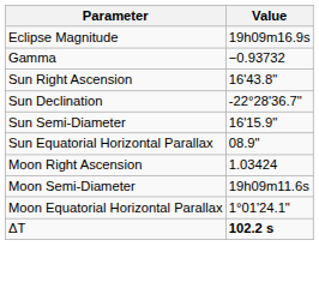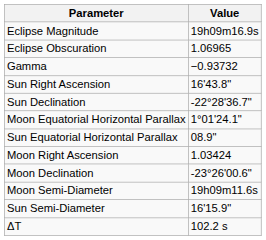 <table class="wikitable">
 <tr>
 <th>Parameter</th>
 <th>Value</th>
 </tr>
 <tr>
 <td>Eclipse Magnitude</td>
 <td>19h09m16.9s</td>
+</tr>
+<tr>
+<td>Eclipse Obscuration</td>
+<td>1.06965</td>
 </tr>
 <tr>
 <td>Gamma</td>
 <td>−0.93732</td>
 </tr>
 <tr>
 <td>Sun Right Ascension</td>
 <td>16'43.8"</td>
 </tr>
 <tr>
 <td>Sun Declination</td>
 <td>-22°28'36.7"</td>
 </tr>
 <tr>
-<td>Sun Semi-Diameter</td>
-<td>16'15.9"</td>
+<td>Moon Equatorial Horizontal Parallax</td>
+<td>1°01'24.1"</td>
 </tr>
 <tr>
 <td>Sun Equatorial Horizontal Parallax</td>
 <td>08.9"</td>
 </tr>
 <tr>
 <td>Moon Right Ascension</td>
 <td>1.03424</td>
 </tr>
 <tr>
+<td>Moon Declination</td>
+<td>-23°26'00.6"</td>
+</tr>
+<tr>
 <td>Moon Semi-Diameter</td>
 <td>19h09m11.6s</td>
 </tr>
 <tr>
-<td>Moon Equatorial Horizontal Parallax</td>
-<td>1°01'24.1"</td>
+<td>Sun Semi-Diameter</td>
+<td>16'15.9"</td>
 </tr>
 <tr>
 <td>ΔT</td>
-<td><strong>102.2 s</strong></td>
+<td>102.2 s</td>
 </tr>
 </table>
